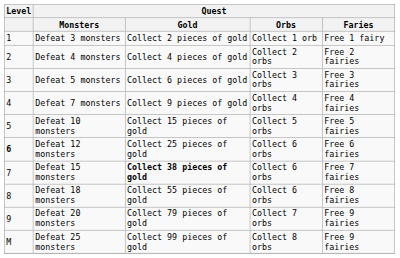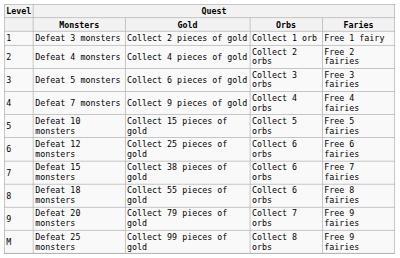 <table class="wikitable" text-align:center">
 <tr>
 <th>Level</th>
 <th colspan=4>Quest</th>
 </tr>
 <tr>
 <th></th>
 <th>Monsters</th>
 <th>Gold</th>
 <th>Orbs</th>
 <th>Faries</th>
 </tr>
 <tr>
 <td>1</td>
 <td>Defeat 3 monsters</td>
 <td>Collect 2 pieces of gold</td>
 <td>Collect 1 orb</td>
 <td>Free 1 fairy</td>
 </tr>
 <tr>
 <td>2</td>
 <td>Defeat 4 monsters</td>
 <td>Collect 4 pieces of gold</td>
 <td>Collect 2 orbs</td>
 <td>Free 2 fairies</td>
 </tr>
 <tr>
 <td>3</td>
 <td>Defeat 5 monsters</td>
 <td>Collect 6 pieces of gold</td>
 <td>Collect 3 orbs</td>
 <td>Free 3 fairies</td>
 </tr>
 <tr>
 <td>4</td>
 <td>Defeat 7 monsters</td>
 <td>Collect 9 pieces of gold</td>
 <td>Collect 4 orbs</td>
 <td>Free 4 fairies</td>
 </tr>
 <tr>
 <td>5</td>
 <td>Defeat 10 monsters</td>
 <td>Collect 15 pieces of gold</td>
 <td>Collect 5 orbs</td>
 <td>Free 5 fairies</td>
 </tr>
 <tr>
-<td><strong>6</strong></td>
+<td>6</td>
 <td>Defeat 12 monsters</td>
 <td>Collect 25 pieces of gold</td>
 <td>Collect 6 orbs</td>
 <td>Free 6 fairies</td>
 </tr>
 <tr>
 <td>7</td>
 <td>Defeat 15 monsters</td>
-<td><strong>Collect 38 pieces of gold</strong></td>
+<td>Collect 38 pieces of gold</td>
 <td>Collect 6 orbs</td>
 <td>Free 7 fairies</td>
 </tr>
 <tr>
 <td>8</td>
 <td>Defeat 18 monsters</td>
 <td>Collect 55 pieces of gold</td>
 <td>Collect 6 orbs</td>
 <td>Free 8 fairies</td>
 </tr>
 <tr>
 <td>9</td>
 <td>Defeat 20 monsters</td>
 <td>Collect 79 pieces of gold</td>
 <td>Collect 7 orbs</td>
 <td>Free 9 fairies</td>
 </tr>
 <tr>
 <td>M</td>
 <td>Defeat 25 monsters</td>
 <td>Collect 99 pieces of gold</td>
 <td>Collect 8 orbs</td>
 <td>Free 9 fairies</td>
 </tr>
 <tr>
 </tr>
 </table>
